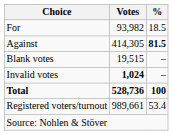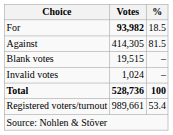 <table class=wikitable style=text-align:right>
 <tr>
 <th>Choice</th>
 <th>Votes</th>
 <th>%</th>
 </tr>
 <tr>
 <td align=left>For</td>
-<td>93,982</td>
+<td><strong>93,982</strong></td>
 <td>18.5</td>
 </tr>
 <tr>
 <td align=left>Against</td>
 <td>414,305</td>
-<td><strong>81.5</strong></td>
+<td>81.5</td>
 </tr>
 <tr>
 <td align=left>Blank votes</td>
 <td>19,515</td>
 <td>–</td>
 </tr>
 <tr>
 <td align=left>Invalid votes</td>
-<td><strong>1,024</strong></td>
+<td>1,024</td>
 <td>–</td>
 </tr>
 <tr>
 <td align=left><strong>Total</strong></td>
 <td><strong>528,736</strong></td>
 <td><strong>100</strong></td>
 </tr>
 <tr>
 <td align=left>Registered voters/turnout</td>
 <td>989,661</td>
 <td>53.4</td>
 </tr>
 <tr>
 <td align=left colspan=3>Source: Nohlen & Stöver</td>
 </tr>
 </table>
